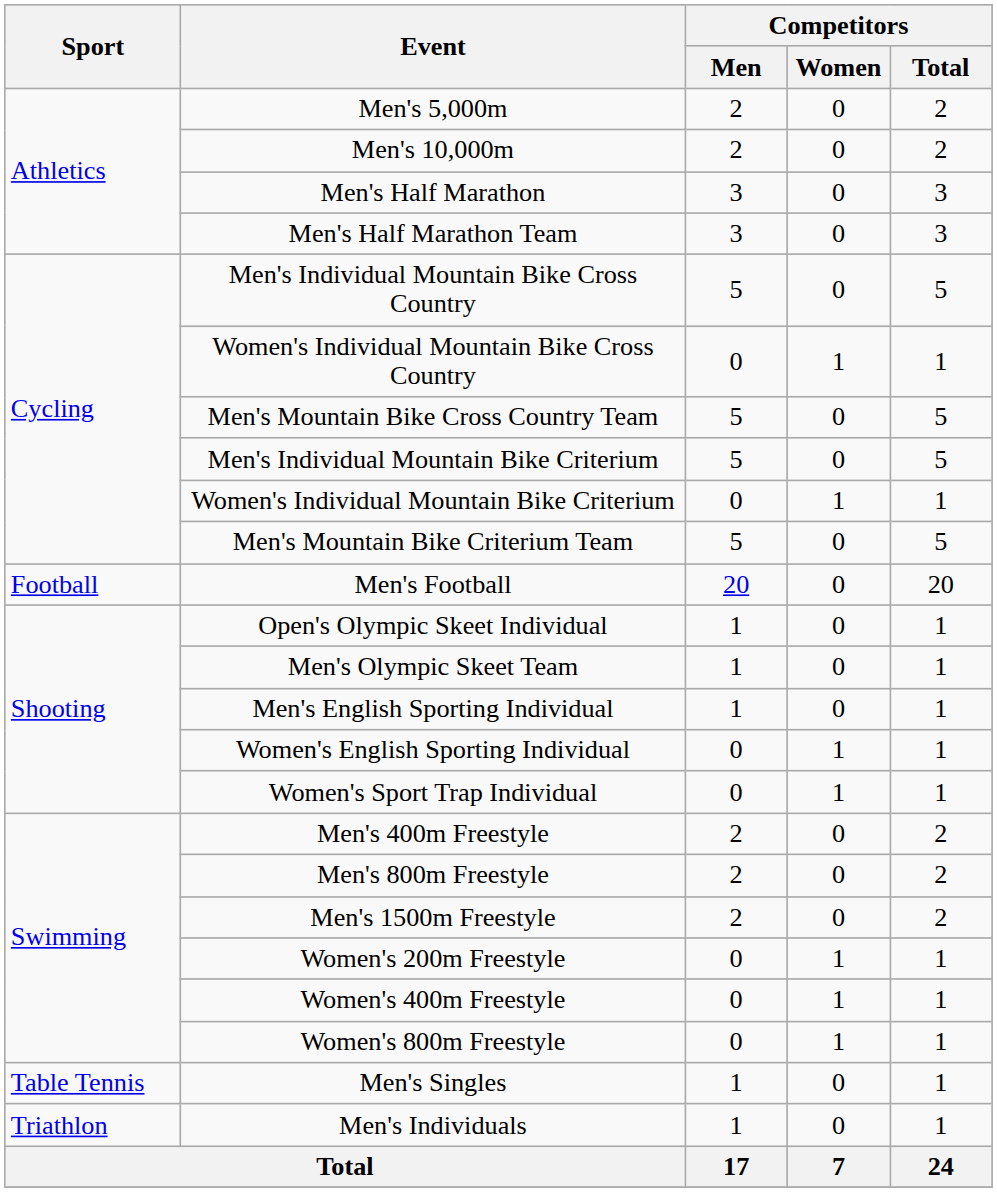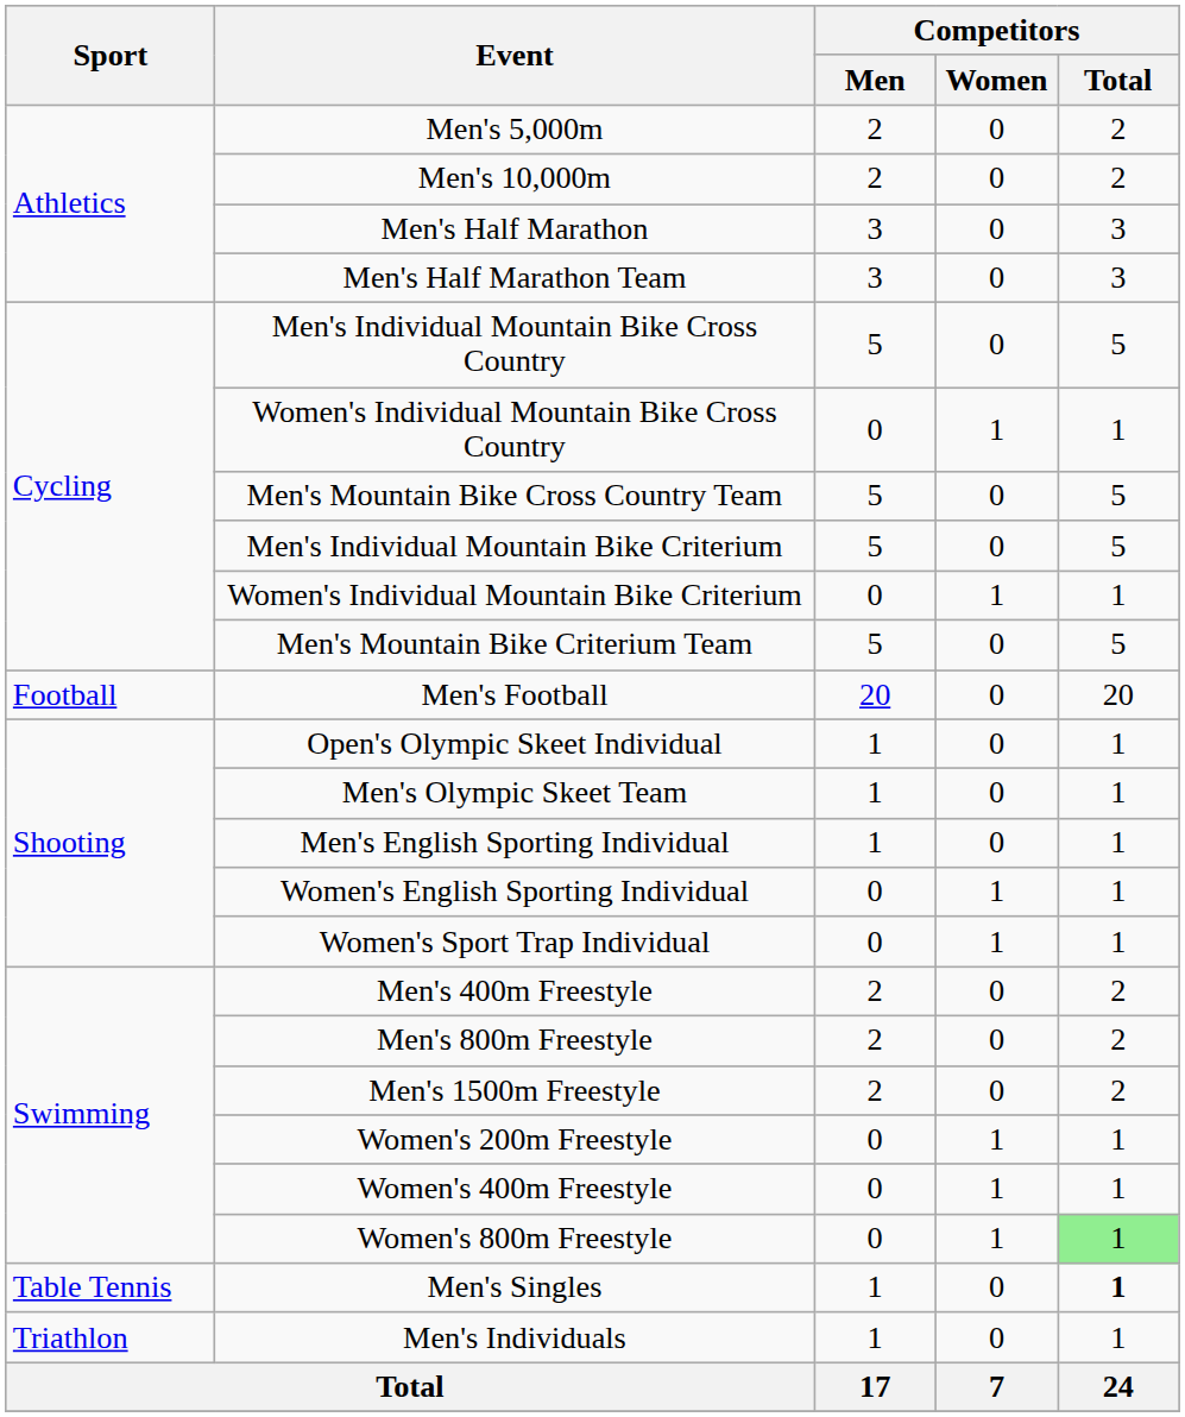 <table class="wikitable sortable" style="text-align:center;">
 <tr>
 <th rowspan=2; width=100>Sport</th>
 <th rowspan=2; width=300>Event</th>
 <th colspan=3; width=165>Competitors</th>
 </tr>
 <tr>
 <th width=55>Men</th>
 <th width=55>Women</th>
 <th width=55>Total</th>
 </tr>
 <tr>
 <td rowspan=4; align=left><a href='#'>Athletics</a></td>
 <td>Men's 5,000m</td>
 <td>2</td>
 <td>0</td>
 <td>2</td>
 </tr>
 <tr>
 <td>Men's 10,000m</td>
 <td>2</td>
 <td>0</td>
 <td>2</td>
 </tr>
 <tr>
 <td>Men's Half Marathon</td>
 <td>3</td>
 <td>0</td>
 <td>3</td>
 </tr>
 <tr>
 <td>Men's Half Marathon Team</td>
 <td>3</td>
 <td>0</td>
 <td>3</td>
 </tr>
 <tr>
 <td rowspan=6; align=left><a href='#'>Cycling</a></td>
 <td>Men's Individual Mountain Bike Cross Country</td>
 <td>5</td>
 <td>0</td>
 <td>5</td>
 </tr>
 <tr>
 <td>Women's Individual Mountain Bike Cross Country</td>
 <td>0</td>
 <td>1</td>
 <td>1</td>
 </tr>
 <tr>
 <td>Men's Mountain Bike Cross Country Team</td>
 <td>5</td>
 <td>0</td>
 <td>5</td>
 </tr>
 <tr>
 <td>Men's Individual Mountain Bike Criterium</td>
 <td>5</td>
 <td>0</td>
 <td>5</td>
 </tr>
 <tr>
 <td>Women's Individual Mountain Bike Criterium</td>
 <td>0</td>
 <td>1</td>
 <td>1</td>
 </tr>
 <tr>
 <td>Men's Mountain Bike Criterium Team</td>
 <td>5</td>
 <td>0</td>
 <td>5</td>
 </tr>
 <tr>
 <td align=left><a href='#'>Football</a></td>
 <td>Men's Football</td>
 <td><a href='#'>20</a></td>
 <td>0</td>
 <td>20</td>
 </tr>
 <tr>
 <td rowspan=5; align=left><a href='#'>Shooting</a></td>
 <td>Open's Olympic Skeet Individual</td>
 <td>1</td>
 <td>0</td>
 <td>1</td>
 </tr>
 <tr>
 <td>Men's Olympic Skeet Team</td>
 <td>1</td>
 <td>0</td>
 <td>1</td>
 </tr>
 <tr>
 <td>Men's English Sporting Individual</td>
 <td>1</td>
 <td>0</td>
 <td>1</td>
 </tr>
 <tr>
 <td>Women's English Sporting Individual</td>
 <td>0</td>
 <td>1</td>
 <td>1</td>
 </tr>
 <tr>
 <td>Women's Sport Trap Individual</td>
 <td>0</td>
 <td>1</td>
 <td>1</td>
 </tr>
 <tr>
 <td rowspan=6; align=left><a href='#'>Swimming</a></td>
 <td>Men's 400m Freestyle</td>
 <td>2</td>
 <td>0</td>
 <td>2</td>
 </tr>
 <tr>
 <td>Men's 800m Freestyle</td>
 <td>2</td>
 <td>0</td>
 <td>2</td>
 </tr>
 <tr>
 <td>Men's 1500m Freestyle</td>
 <td>2</td>
 <td>0</td>
 <td>2</td>
 </tr>
 <tr>
 <td>Women's 200m Freestyle</td>
 <td>0</td>
 <td>1</td>
 <td>1</td>
 </tr>
 <tr>
 <td>Women's 400m Freestyle</td>
 <td>0</td>
 <td>1</td>
 <td>1</td>
 </tr>
 <tr>
 <td>Women's 800m Freestyle</td>
 <td>0</td>
 <td>1</td>
-<td>1</td>
+<td style="background: lightgreen;">1</td>
 </tr>
 <tr>
 <td align=left><a href='#'>Table Tennis</a></td>
 <td>Men's Singles</td>
 <td>1</td>
 <td>0</td>
-<td>1</td>
+<td><strong>1</strong></td>
 </tr>
 <tr>
 <td align=left><a href='#'>Triathlon</a></td>
 <td>Men's Individuals</td>
 <td>1</td>
 <td>0</td>
 <td>1</td>
 </tr>
 <tr>
 <th colspan=2>Total</th>
 <th>17</th>
 <th>7</th>
 <th>24</th>
 </tr>
 <tr>
 </tr>
 </table>
